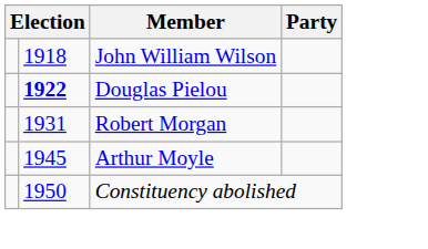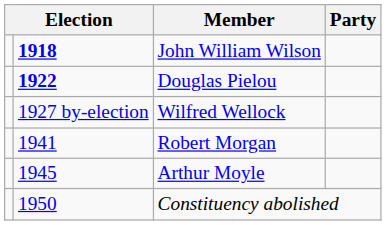 <table class="wikitable">
 <tr>
 <th colspan="2">Election</th>
 <th>Member</th>
 <th>Party</th>
 </tr>
 <tr>
 <td style="color:inherit;background-color: "></td>
-<td><a href='#'>1918</a></td>
+<td><strong><a href='#'>1918</a></strong></td>
 <td><a href='#'>John William Wilson</a></td>
 <td></td>
 </tr>
 <tr>
 <td style="color:inherit;background-color: "></td>
 <td><strong><a href='#'>1922</a></strong></td>
 <td><a href='#'>Douglas Pielou</a></td>
 <td></td>
 </tr>
 <tr>
 <td style="color:inherit;background-color: "></td>
-<td><a href='#'>1931</a></td>
+<td><a href='#'>1927 by-election</a></td>
+<td><a href='#'>Wilfred Wellock</a></td>
+<td></td>
+</tr>
+<tr>
+<td style="color:inherit;background-color: "></td>
+<td><a href='#'>1941</a></td>
 <td><a href='#'>Robert Morgan</a></td>
 <td></td>
 </tr>
 <tr>
 <td style="color:inherit;background-color: "></td>
 <td><a href='#'>1945</a></td>
 <td><a href='#'>Arthur Moyle</a></td>
 <td></td>
 </tr>
 <tr>
 <td></td>
 <td><a href='#'>1950</a></td>
 <td colspan="2"><em>Constituency abolished</em></td>
 </tr>
 </table>
